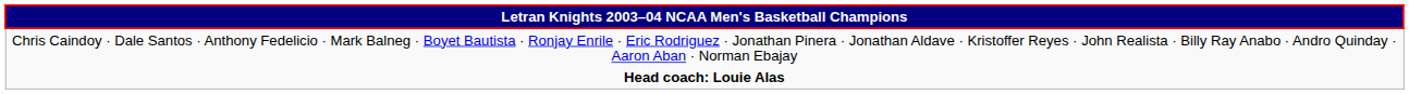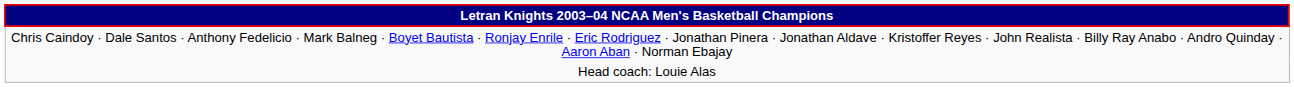 <table class="wikitable" style="text-align: center">
 <tr>
 <th style = "background:#020080; border:2px solid red; color:white">Letran Knights 2003–04 NCAA Men's Basketball Champions</th>
 </tr>
 <tr>
 <td style="border-style: none none none none;">Chris Caindoy · Dale Santos · Anthony Fedelicio · Mark Balneg · <a href='#'>Boyet Bautista</a> · <a href='#'>Ronjay Enrile</a> · <a href='#'>Eric Rodriguez</a> · Jonathan Pinera · Jonathan Aldave · Kristoffer Reyes · John Realista · Billy Ray Anabo · Andro Quinday · <a href='#'>Aaron Aban</a> · Norman Ebajay</td>
 </tr>
 <tr>
-<td style="border-style: none none none none;"><strong>Head coach: Louie Alas</strong></td>
+<td style="border-style: none none none none;">Head coach: Louie Alas</td>
 </tr>
 </table>
